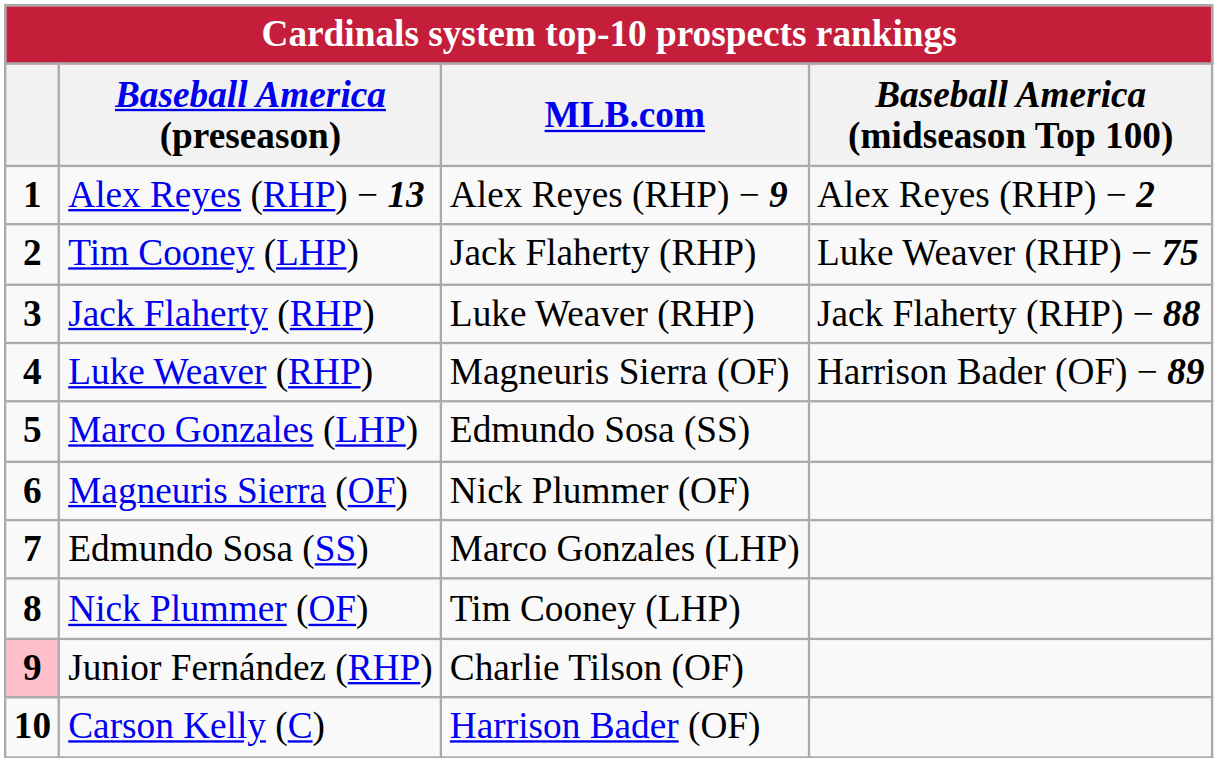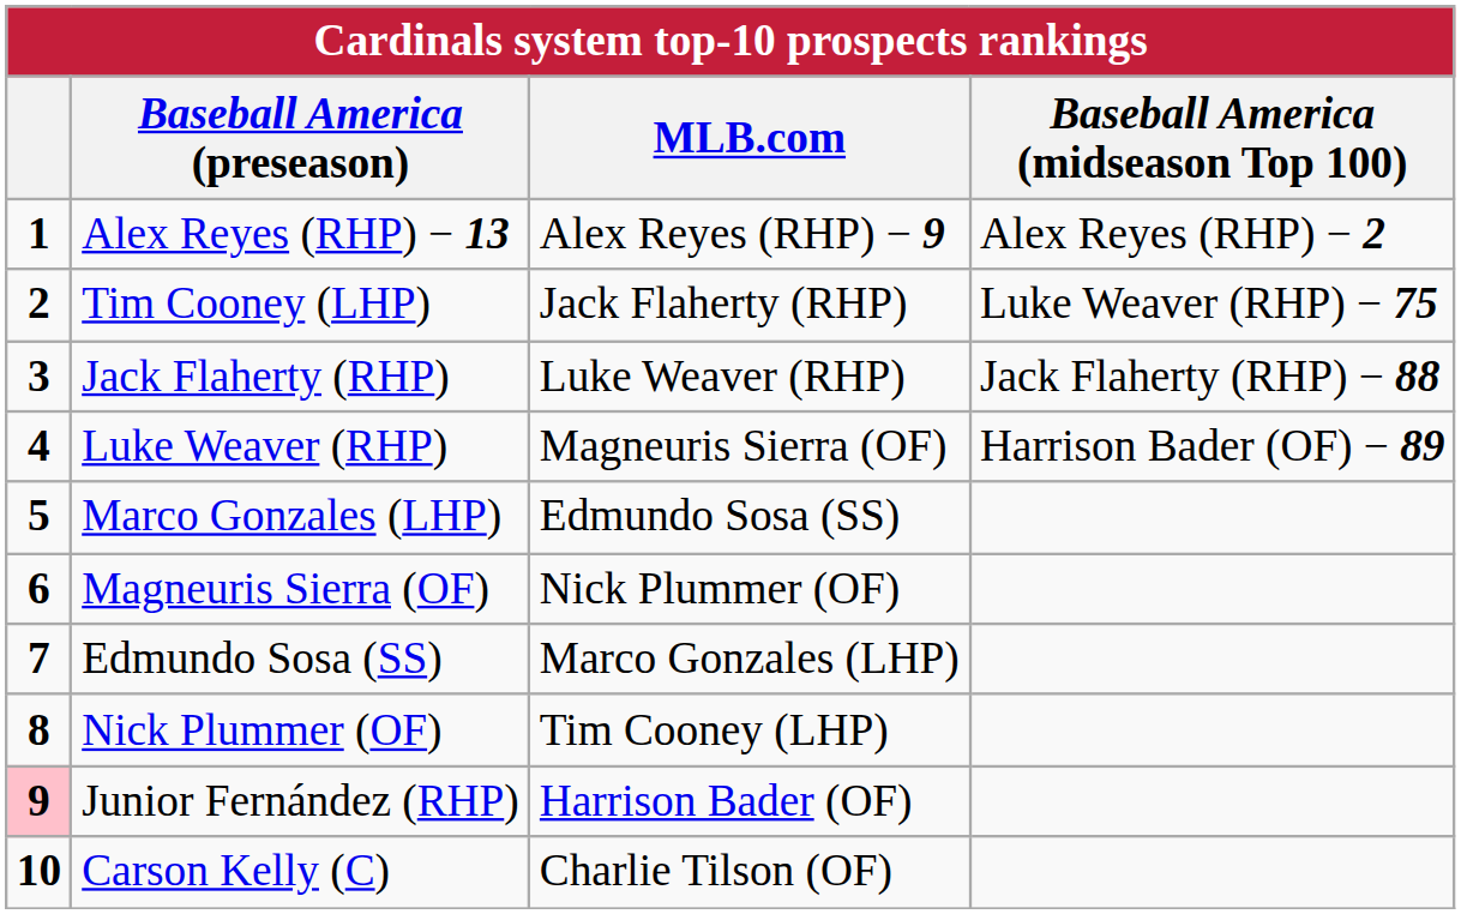 <table class="wikitable" style="text-align:left">
 <tr>
 <th colspan="4" style="background:#C41E3A; color:white;">Cardinals system top-10 prospects rankings</th>
 </tr>
 <tr>
 <th></th>
 <th><em><a href='#'>Baseball America</a></em><br>(preseason)</th>
 <th><a href='#'>MLB.com</a></th>
 <th><em>Baseball America</em><br>(midseason Top 100)</th>
 </tr>
 <tr>
 <td style="text-align:center;"><strong>1</strong></td>
 <td><a href='#'>Alex Reyes</a> (<a href='#'>RHP</a>) − <strong><em>13</em></strong></td>
 <td>Alex Reyes (RHP) − <strong><em>9</em></strong></td>
 <td>Alex Reyes (RHP) − <strong><em>2</em></strong></td>
 </tr>
 <tr>
 <td style="text-align:center;"><strong>2</strong></td>
 <td><a href='#'>Tim Cooney</a> (<a href='#'>LHP</a>)</td>
 <td>Jack Flaherty (RHP)</td>
 <td>Luke Weaver (RHP)  − <strong><em>75</em></strong></td>
 </tr>
 <tr>
 <td style="text-align:center;"><strong>3</strong></td>
 <td><a href='#'>Jack Flaherty</a> (<a href='#'>RHP</a>)</td>
 <td>Luke Weaver (RHP)</td>
 <td>Jack Flaherty (RHP) − <strong><em>88</em></strong></td>
 </tr>
 <tr>
 <td style="text-align:center;"><strong>4</strong></td>
 <td><a href='#'>Luke Weaver</a> (<a href='#'>RHP</a>)</td>
 <td>Magneuris Sierra (OF)</td>
 <td>Harrison Bader (OF) − <strong><em>89</em></strong></td>
 </tr>
 <tr>
 <td style="text-align:center;"><strong>5</strong></td>
 <td><a href='#'>Marco Gonzales</a> (<a href='#'>LHP</a>)</td>
 <td>Edmundo Sosa (SS)</td>
 <td></td>
 </tr>
 <tr>
 <td style="text-align:center;"><strong>6</strong></td>
 <td><a href='#'>Magneuris Sierra</a> (<a href='#'>OF</a>)</td>
 <td>Nick Plummer (OF)</td>
 <td></td>
 </tr>
 <tr>
 <td style="text-align:center;"><strong>7</strong></td>
 <td>Edmundo Sosa (<a href='#'>SS</a>)</td>
 <td>Marco Gonzales (LHP)</td>
 <td></td>
 </tr>
 <tr>
 <td style="text-align:center;"><strong>8</strong></td>
 <td><a href='#'>Nick Plummer</a> (<a href='#'>OF</a>)</td>
 <td>Tim Cooney (LHP)</td>
 <td></td>
 </tr>
 <tr>
 <td style="background: pink; text-align:center;"><strong>9</strong></td>
 <td>Junior Fernández (<a href='#'>RHP</a>)</td>
-<td>Charlie Tilson (OF)</td>
+<td><a href='#'>Harrison Bader</a> (OF)</td>
 <td></td>
 </tr>
 <tr>
 <td style="text-align:center;"><strong>10</strong></td>
 <td><a href='#'>Carson Kelly</a> (<a href='#'>C</a>)</td>
-<td><a href='#'>Harrison Bader</a> (OF)</td>
+<td>Charlie Tilson (OF)</td>
 <td></td>
 </tr>
 <tr>
 </tr>
 </table>
